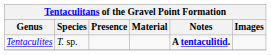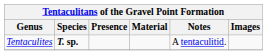 <table class="wikitable" align="center">
 <tr>
 <th colspan="6" align="center"><strong><a href='#'>Tentaculitans</a> of the Gravel Point Formation</strong></th>
 </tr>
 <tr>
 <th>Genus</th>
 <th>Species</th>
 <th>Presence</th>
 <th><strong>Material</strong></th>
 <th>Notes</th>
 <th>Images</th>
 </tr>
 <tr>
 <td><em><a href='#'>Tentaculites</a></em></td>
-<td><em>T.</em> sp.</td>
+<td><strong><em>T.</em> sp.</strong></td>
 <td></td>
 <td></td>
-<td><strong>A <a href='#'>tentaculitid</a>.</strong></td>
+<td>A <a href='#'>tentaculitid</a>.</td>
 <td></td>
 </tr>
 <tr>
 </tr>
 </table>
